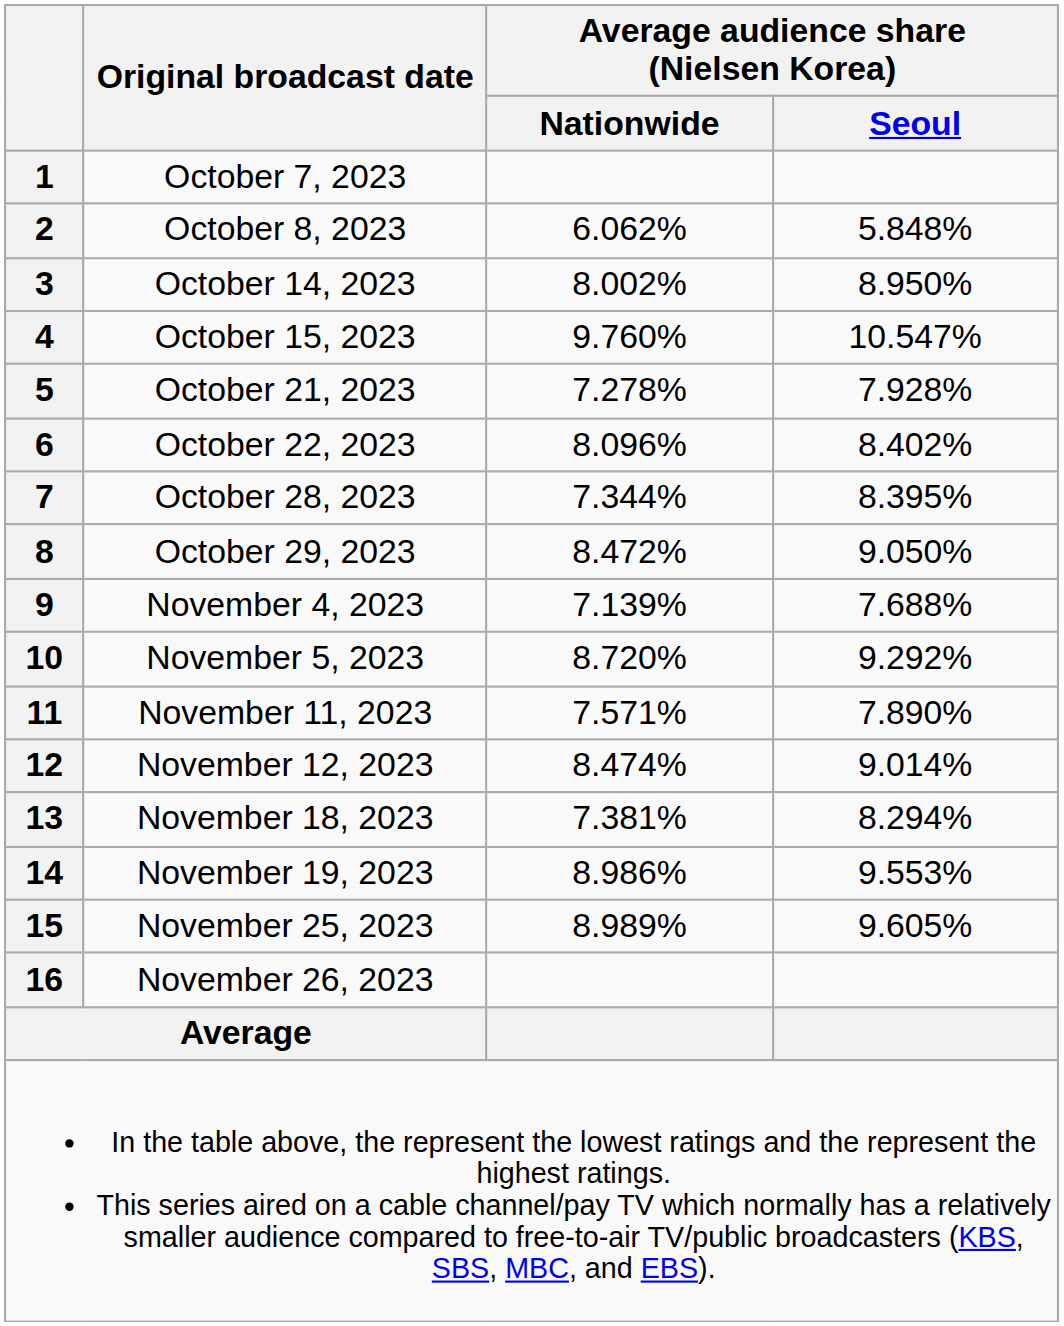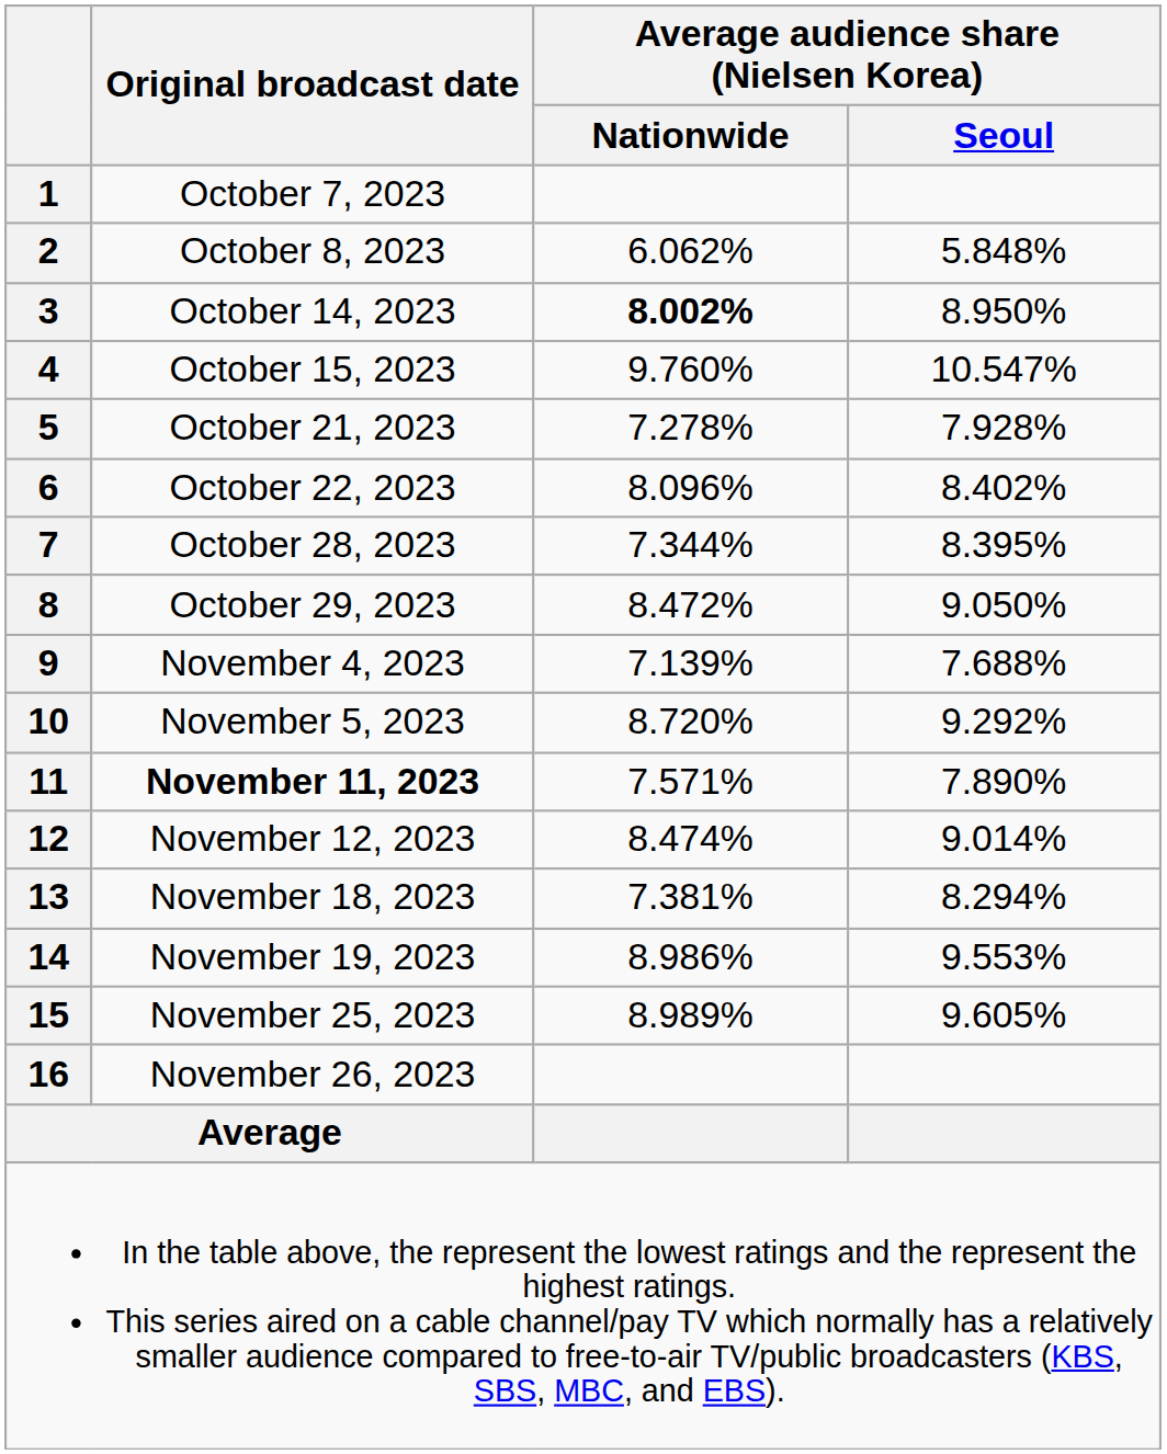 <table class="wikitable" style="margin-left:auto; margin-right:auto; width:500px; text-align:center">
 <tr>
 <th scope="col" rowspan="2"></th>
 <th scope="col" rowspan="2">Original broadcast date</th>
 <th scope="col" colspan="2">Average audience share<br>(Nielsen Korea)</th>
 </tr>
 <tr>
 <th scope="col" style="width:8em">Nationwide</th>
 <th scope="col" style="width:8em"><a href='#'>Seoul</a></th>
 </tr>
 <tr>
 <th scope="col">1</th>
 <td>October 7, 2023</td>
 <td><strong></strong> </td>
 <td><strong></strong> </td>
 </tr>
 <tr>
 <th scope="col">2</th>
 <td>October 8, 2023</td>
 <td>6.062% </td>
 <td>5.848% </td>
 </tr>
 <tr>
 <th scope="col">3</th>
 <td>October 14, 2023</td>
-<td>8.002% </td>
+<td><strong>8.002% </strong></td>
 <td>8.950% </td>
 </tr>
 <tr>
 <th scope="col">4</th>
 <td>October 15, 2023</td>
 <td>9.760% </td>
 <td>10.547% </td>
 </tr>
 <tr>
 <th scope="col">5</th>
 <td>October 21, 2023</td>
 <td>7.278% </td>
 <td>7.928% </td>
 </tr>
 <tr>
 <th scope="col">6</th>
 <td>October 22, 2023</td>
 <td>8.096% </td>
 <td>8.402% </td>
 </tr>
 <tr>
 <th scope="col">7</th>
 <td>October 28, 2023</td>
 <td>7.344% </td>
 <td>8.395% </td>
 </tr>
 <tr>
 <th scope="col">8</th>
 <td>October 29, 2023</td>
 <td>8.472% </td>
 <td>9.050% </td>
 </tr>
 <tr>
 <th scope="col">9</th>
 <td>November 4, 2023</td>
 <td>7.139% </td>
 <td>7.688% </td>
 </tr>
 <tr>
 <th scope="col">10</th>
 <td>November 5, 2023</td>
 <td>8.720% </td>
 <td>9.292% </td>
 </tr>
 <tr>
 <th scope="col">11</th>
-<td>November 11, 2023</td>
+<td><strong>November 11, 2023</strong></td>
 <td>7.571% </td>
 <td>7.890% </td>
 </tr>
 <tr>
 <th scope="col">12</th>
 <td>November 12, 2023</td>
 <td>8.474% </td>
 <td>9.014% </td>
 </tr>
 <tr>
 <th scope="col">13</th>
 <td>November 18, 2023</td>
 <td>7.381% </td>
 <td>8.294% </td>
 </tr>
 <tr>
 <th scope="col">14</th>
 <td>November 19, 2023</td>
 <td>8.986% </td>
 <td>9.553% </td>
 </tr>
 <tr>
 <th scope="col">15</th>
 <td>November 25, 2023</td>
 <td>8.989% </td>
 <td>9.605% </td>
 </tr>
 <tr>
 <th scope="col">16</th>
 <td>November 26, 2023</td>
 <td><strong></strong> </td>
 <td><strong></strong> </td>
 </tr>
 <tr>
 <th scope="col" colspan="2">Average</th>
 <th scope="col"></th>
 <th scope="col"></th>
 </tr>
 <tr>
 <td colspan="4" style="font-size:85%"><br><ul><li>In the table above, the <strong></strong> represent the lowest ratings and the <strong></strong> represent the highest ratings.</li><li>This series aired on a cable channel/pay TV which normally has a relatively smaller audience compared to free-to-air TV/public broadcasters (<a href='#'>KBS</a>, <a href='#'>SBS</a>, <a href='#'>MBC</a>, and <a href='#'>EBS</a>).</li></ul></td>
 </tr>
 </table>
